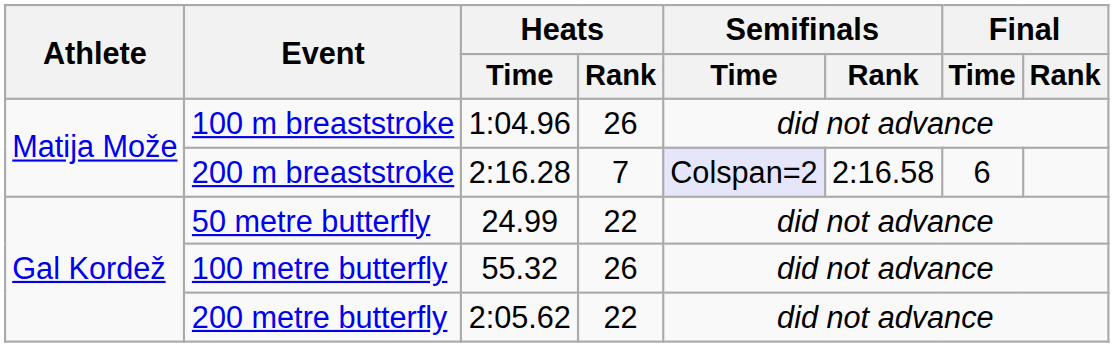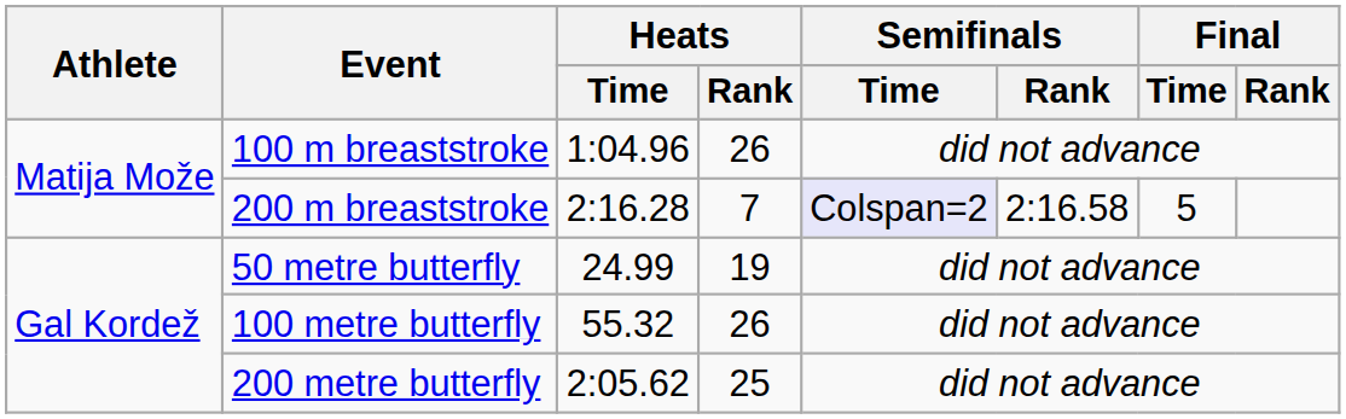 <table class=wikitable style="text-align:center;font-size:90%">
 <tr>
 <th rowspan=2>Athlete</th>
 <th rowspan=2>Event</th>
 <th colspan=2>Heats</th>
 <th colspan=2>Semifinals</th>
 <th colspan=2>Final</th>
 </tr>
 <tr style="font-size:95%">
 <th>Time</th>
 <th>Rank</th>
 <th>Time</th>
 <th>Rank</th>
 <th>Time</th>
 <th>Rank</th>
 </tr>
 <tr>
 <td rowspan=2 align=left><a href='#'>Matija Može</a></td>
 <td align=left><a href='#'>100 m breaststroke</a></td>
 <td>1:04.96</td>
 <td>26</td>
 <td Colspan=4><em>did not advance</em></td>
 </tr>
 <tr>
 <td align=left><a href='#'>200 m breaststroke</a></td>
 <td>2:16.28</td>
 <td>7</td>
 <td style="background: lavender;">Colspan=2 </td>
 <td>2:16.58</td>
-<td>6</td>
+<td>5</td>
 </tr>
 <tr>
 <td rowspan=3 align=left><a href='#'>Gal Kordež</a></td>
 <td align=left><a href='#'>50 metre butterfly</a></td>
 <td>24.99</td>
-<td>22</td>
+<td>19</td>
 <td Colspan=4><em>did not advance</em></td>
 </tr>
 <tr>
 <td align=left><a href='#'>100 metre butterfly</a></td>
 <td>55.32</td>
 <td>26</td>
 <td Colspan=4><em>did not advance</em></td>
 </tr>
 <tr>
 <td align=left><a href='#'>200 metre butterfly</a></td>
 <td>2:05.62</td>
-<td>22</td>
+<td>25</td>
 <td Colspan=4><em>did not advance</em></td>
 </tr>
 </table>
